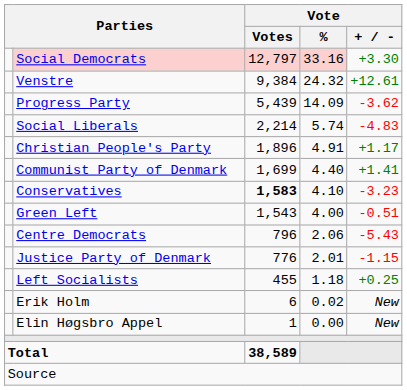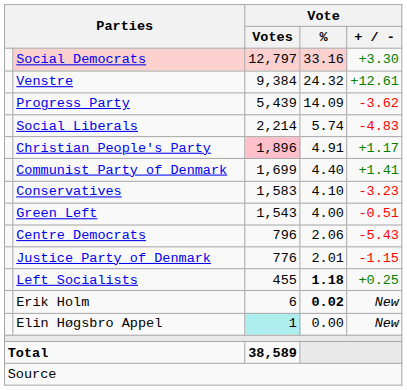 <table class="wikitable" style="text-align:right;">
 <tr>
 <th style="text-align:centre;" rowspan="2" colspan="2" width="225">Parties</th>
 <th colspan="3">Vote</th>
 </tr>
 <tr>
 <th width="15">Votes</th>
 <th width="15">%</th>
 <th width="15">+ / -</th>
 </tr>
 <tr>
 <td width="2" style="color:inherit;background:"></td>
 <td bgcolor=#fbd0ce  align="left"><a href='#'>Social Democrats</a></td>
 <td bgcolor=#fbd0ce>12,797</td>
 <td bgcolor=#fbd0ce>33.16</td>
 <td style=color:green;>+3.30</td>
 </tr>
 <tr>
 <td width="2" style="color:inherit;background:"></td>
 <td align="left"><a href='#'>Venstre</a></td>
 <td>9,384</td>
 <td>24.32</td>
 <td style=color:green;>+12.61</td>
 </tr>
 <tr>
 <td width="2" style="color:inherit;background:"></td>
 <td align="left"><a href='#'>Progress Party</a></td>
 <td>5,439</td>
 <td>14.09</td>
 <td style=color:red;>-3.62</td>
 </tr>
 <tr>
 <td width="2" style="color:inherit;background:"></td>
 <td align="left"><a href='#'>Social Liberals</a></td>
 <td>2,214</td>
 <td>5.74</td>
 <td style=color:red;>-4.83</td>
 </tr>
 <tr>
 <td width="2" style="color:inherit;background:"></td>
 <td align="left"><a href='#'>Christian People's Party</a></td>
-<td>1,896</td>
+<td style="background: pink;">1,896</td>
 <td>4.91</td>
 <td style=color:green;>+1.17</td>
 </tr>
 <tr>
 <td width="2" style="color:inherit;background:"></td>
 <td align="left"><a href='#'>Communist Party of Denmark</a></td>
 <td>1,699</td>
 <td>4.40</td>
 <td style=color:green;>+1.41</td>
 </tr>
 <tr>
 <td width="2" style="color:inherit;background:"></td>
 <td align="left"><a href='#'>Conservatives</a></td>
-<td><strong>1,583</strong></td>
+<td>1,583</td>
 <td>4.10</td>
 <td style=color:red;>-3.23</td>
 </tr>
 <tr>
 <td width="2" style="color:inherit;background:"></td>
 <td align="left"><a href='#'>Green Left</a></td>
 <td>1,543</td>
 <td>4.00</td>
 <td style=color:red;>-0.51</td>
 </tr>
 <tr>
 <td width="2" style="color:inherit;background:"></td>
 <td align="left"><a href='#'>Centre Democrats</a></td>
 <td>796</td>
 <td>2.06</td>
 <td style=color:red;>-5.43</td>
 </tr>
 <tr>
 <td width="2" style="color:inherit;background:"></td>
 <td align="left"><a href='#'>Justice Party of Denmark</a></td>
 <td>776</td>
 <td>2.01</td>
 <td style=color:red;>-1.15</td>
 </tr>
 <tr>
 <td width="2" style="color:inherit;background:"></td>
 <td align="left"><a href='#'>Left Socialists</a></td>
 <td>455</td>
-<td>1.18</td>
+<td><strong>1.18</strong></td>
 <td style=color:green;>+0.25</td>
 </tr>
 <tr>
 <td width="2" style="color:inherit;background:"></td>
 <td align="left">Erik Holm</td>
 <td>6</td>
-<td>0.02</td>
+<td><strong>0.02</strong></td>
 <td><em>New</em></td>
 </tr>
 <tr>
 <td width="2" style="color:inherit;background:"></td>
 <td align="left">Elin Høgsbro Appel</td>
-<td>1</td>
+<td style="background: paleturquoise;">1</td>
 <td>0.00</td>
 <td><em>New</em></td>
 </tr>
 <tr>
 <td colspan="7" bgcolor="#E9E9E9"></td>
 </tr>
 <tr>
 <td align="left" colspan="2"><strong>Total</strong></td>
 <td><strong>38,589</strong></td>
 <td bgcolor="#E9E9E9" colspan="2"></td>
 </tr>
 <tr>
 <td align="left" colspan="6">Source</td>
 </tr>
 </table>
